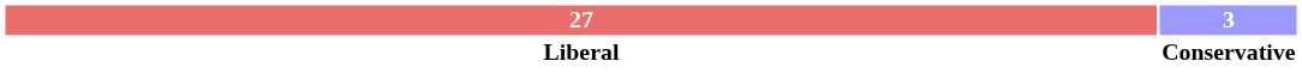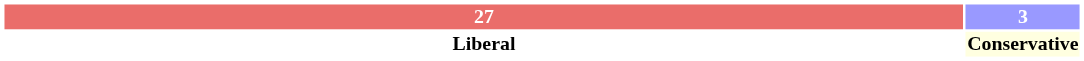 <table style="width:55%; text-align:center;">
 <tr style="color:white;">
 <td style="background:#EA6D6A; width:90.00%;"><strong>27</strong></td>
 <td style="background:#9999FF; width:10.00%;"><strong>3</strong></td>
 </tr>
 <tr>
 <td><span><strong>Liberal</strong></span></td>
-<td><span><strong>Conservative</strong></span></td>
+<td style="background: lightyellow;"><span><strong>Conservative</strong></span></td>
 </tr>
 </table>
